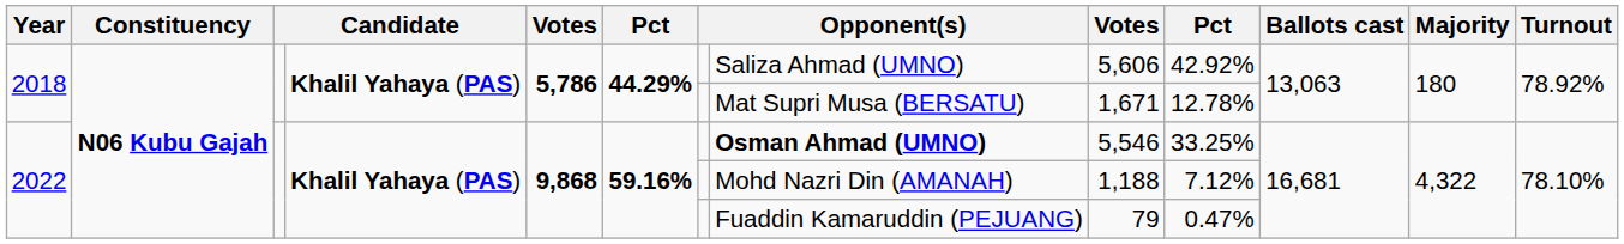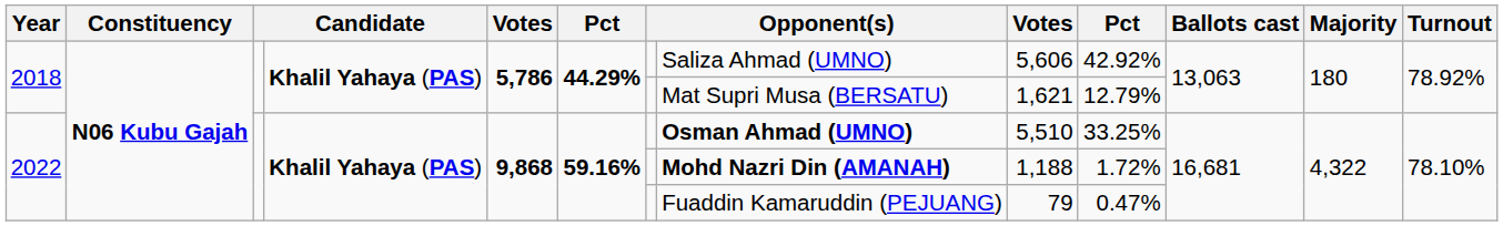 <table class="wikitable" style="margin:0.5em ; font-size:95%">
 <tr>
 <th>Year</th>
 <th>Constituency</th>
 <th colspan=2>Candidate</th>
 <th>Votes</th>
 <th>Pct</th>
 <th colspan=2>Opponent(s)</th>
 <th>Votes</th>
 <th>Pct</th>
 <th>Ballots cast</th>
 <th>Majority</th>
 <th>Turnout</th>
 </tr>
 <tr>
 <td rowspan=2><a href='#'>2018</a></td>
 <td rowspan=5><strong>N06 <a href='#'>Kubu Gajah</a></strong></td>
 <td rowspan=2 ></td>
 <td rowspan=2><strong>Khalil Yahaya</strong> (<a href='#'><strong>PAS</strong></a>)</td>
 <td rowspan=2 align="right"><strong>5,786</strong></td>
 <td rowspan=2><strong>44.29%</strong></td>
 <td></td>
 <td>Saliza Ahmad (<a href='#'>UMNO</a>)</td>
 <td align="right">5,606</td>
 <td>42.92%</td>
 <td rowspan=2>13,063</td>
 <td rowspan=2>180</td>
 <td rowspan=2>78.92%</td>
 </tr>
 <tr>
 <td></td>
 <td>Mat Supri Musa (<a href='#'>BERSATU</a>)</td>
-<td align="right">1,671</td>
-<td>12.78%</td>
+<td align="right">1,621</td>
+<td>12.79%</td>
 </tr>
 <tr>
 <td rowspan=3><a href='#'>2022</a></td>
 <td rowspan=3 bgcolor=></td>
 <td rowspan=3><strong>Khalil Yahaya</strong> (<a href='#'><strong>PAS</strong></a>)</td>
 <td rowspan=3 align="right"><strong>9,868</strong></td>
 <td rowspan=3><strong>59.16%</strong></td>
 <td></td>
 <td><strong>Osman Ahmad (<a href='#'>UMNO</a>)</strong></td>
-<td align="right">5,546</td>
+<td align="right">5,510</td>
 <td>33.25%</td>
 <td rowspan=3>16,681</td>
 <td rowspan=3>4,322</td>
 <td rowspan=3>78.10%</td>
 </tr>
 <tr>
 <td></td>
-<td>Mohd Nazri Din (<a href='#'>AMANAH</a>)</td>
+<td><strong>Mohd Nazri Din (<a href='#'>AMANAH</a>)</strong></td>
 <td align="right">1,188</td>
-<td align="right">7.12%</td>
+<td align="right">1.72%</td>
 </tr>
 <tr>
 <td></td>
 <td>Fuaddin Kamaruddin (<a href='#'>PEJUANG</a>)</td>
 <td align="right">79</td>
 <td align="right">0.47%</td>
 </tr>
 </table>
